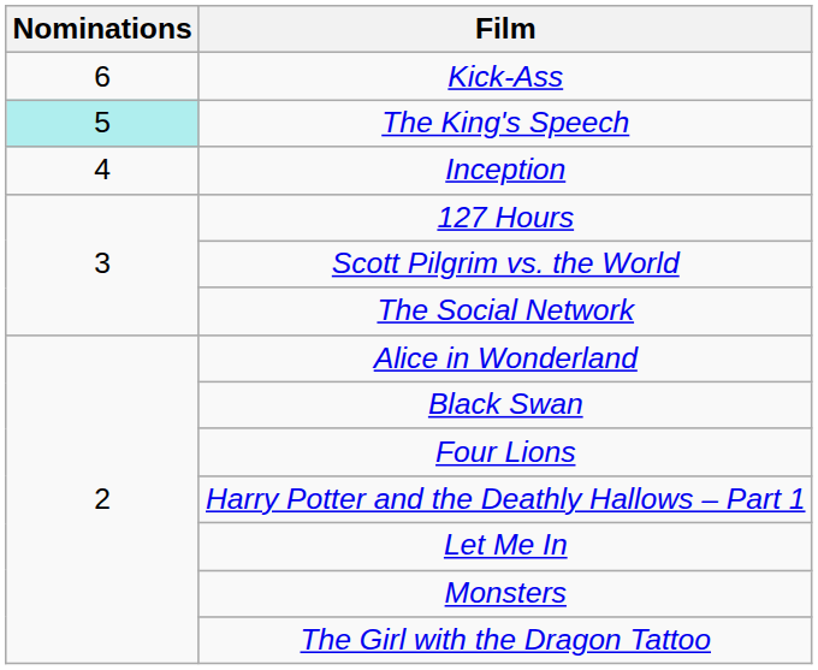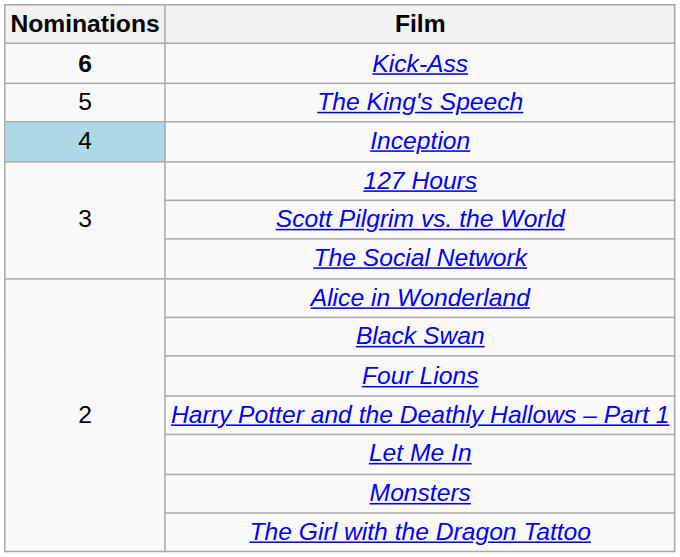 <table class="wikitable" style="text-align: center">
 <tr>
 <th scope="col" width="55">Nominations</th>
 <th scope="col">Film</th>
 </tr>
 <tr>
-<td>6</td>
+<td><strong>6</strong></td>
 <td><em><a href='#'>Kick-Ass</a></em></td>
 </tr>
 <tr>
-<td style="background: paleturquoise;">5</td>
+<td>5</td>
 <td><em><a href='#'>The King's Speech</a></em></td>
 </tr>
 <tr>
-<td>4</td>
+<td style="background: lightblue;">4</td>
 <td><em><a href='#'>Inception</a></em></td>
 </tr>
 <tr>
 <td rowspan=3>3</td>
 <td><em><a href='#'>127 Hours</a></em></td>
 </tr>
 <tr>
 <td><em><a href='#'>Scott Pilgrim vs. the World</a></em></td>
 </tr>
 <tr>
 <td><em><a href='#'>The Social Network</a></em></td>
 </tr>
 <tr>
 <td rowspan=7>2</td>
 <td><em><a href='#'>Alice in Wonderland</a></em></td>
 </tr>
 <tr>
 <td><em><a href='#'>Black Swan</a></em></td>
 </tr>
 <tr>
 <td><em><a href='#'>Four Lions</a></em></td>
 </tr>
 <tr>
 <td><em><a href='#'>Harry Potter and the Deathly Hallows – Part 1</a></em></td>
 </tr>
 <tr>
 <td><em><a href='#'>Let Me In</a></em></td>
 </tr>
 <tr>
 <td><em><a href='#'>Monsters</a></em></td>
 </tr>
 <tr>
 <td><em><a href='#'>The Girl with the Dragon Tattoo</a></em></td>
 </tr>
 </table>
